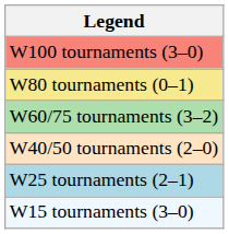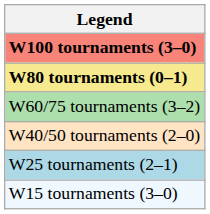 <table class=wikitable style="font-size:85%">
 <tr>
 <th>Legend</th>
 </tr>
 <tr style="background:#f88379;">
-<td>W100 tournaments (3–0)</td>
+<td><strong>W100 tournaments (3–0)</strong></td>
 </tr>
 <tr style="background:#f7e98e;">
-<td>W80 tournaments (0–1)</td>
+<td><strong>W80 tournaments (0–1)</strong></td>
 </tr>
 <tr style="background:#addfad;">
 <td>W60/75 tournaments (3–2)</td>
 </tr>
 <tr style="background:#ffe4c4;">
 <td>W40/50 tournaments (2–0)</td>
 </tr>
 <tr style="background:lightblue;">
 <td>W25 tournaments (2–1)</td>
 </tr>
 <tr style="background:#f0f8ff;">
 <td>W15 tournaments (3–0)</td>
 </tr>
 </table>
